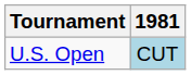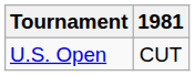 <table class="wikitable" style="font-size:95%;">
 <tr>
 <th>Tournament</th>
 <th>1981</th>
 </tr>
 <tr>
 <td><a href='#'>U.S. Open</a></td>
-<td align="center" style="background: lightblue;">CUT</td>
+<td align="center">CUT</td>
 </tr>
 </table>
